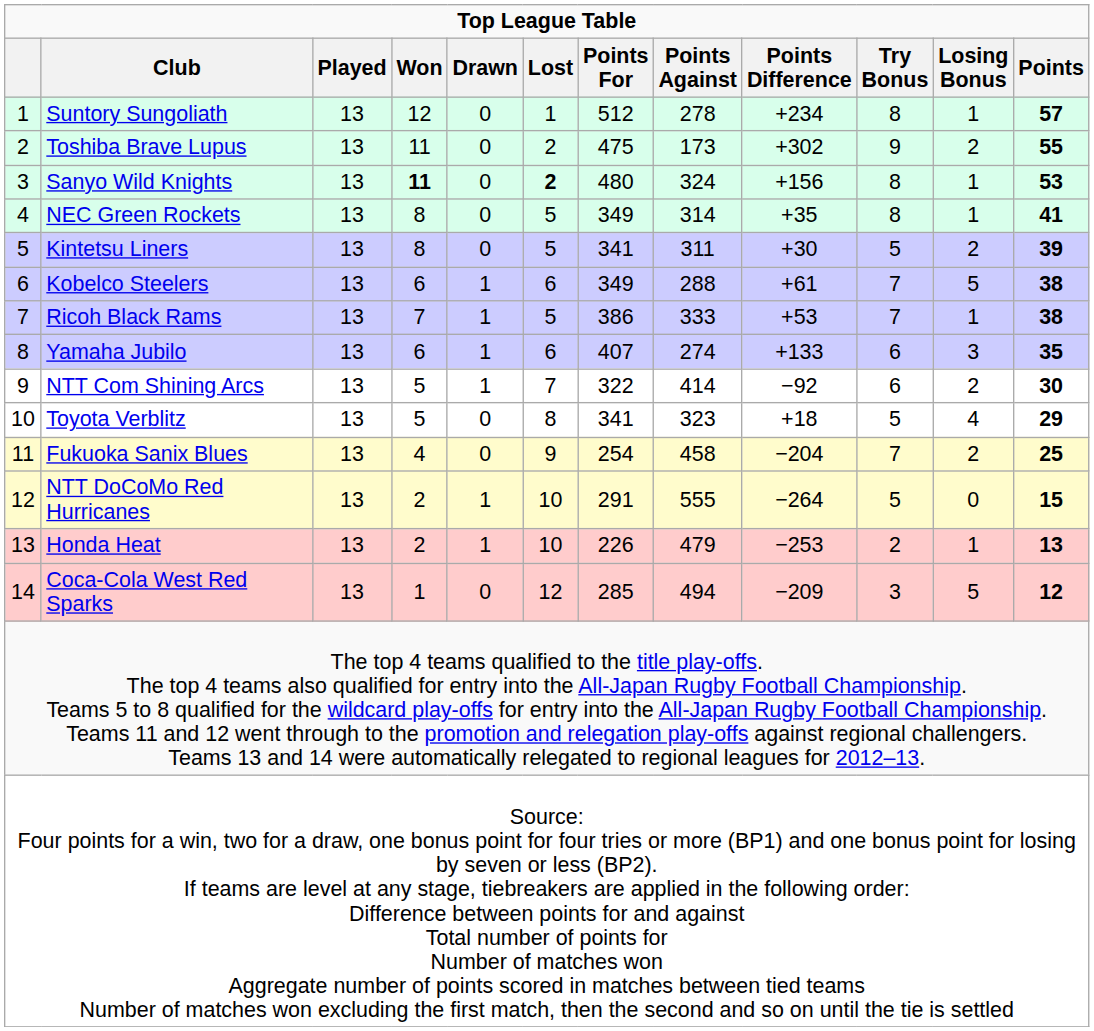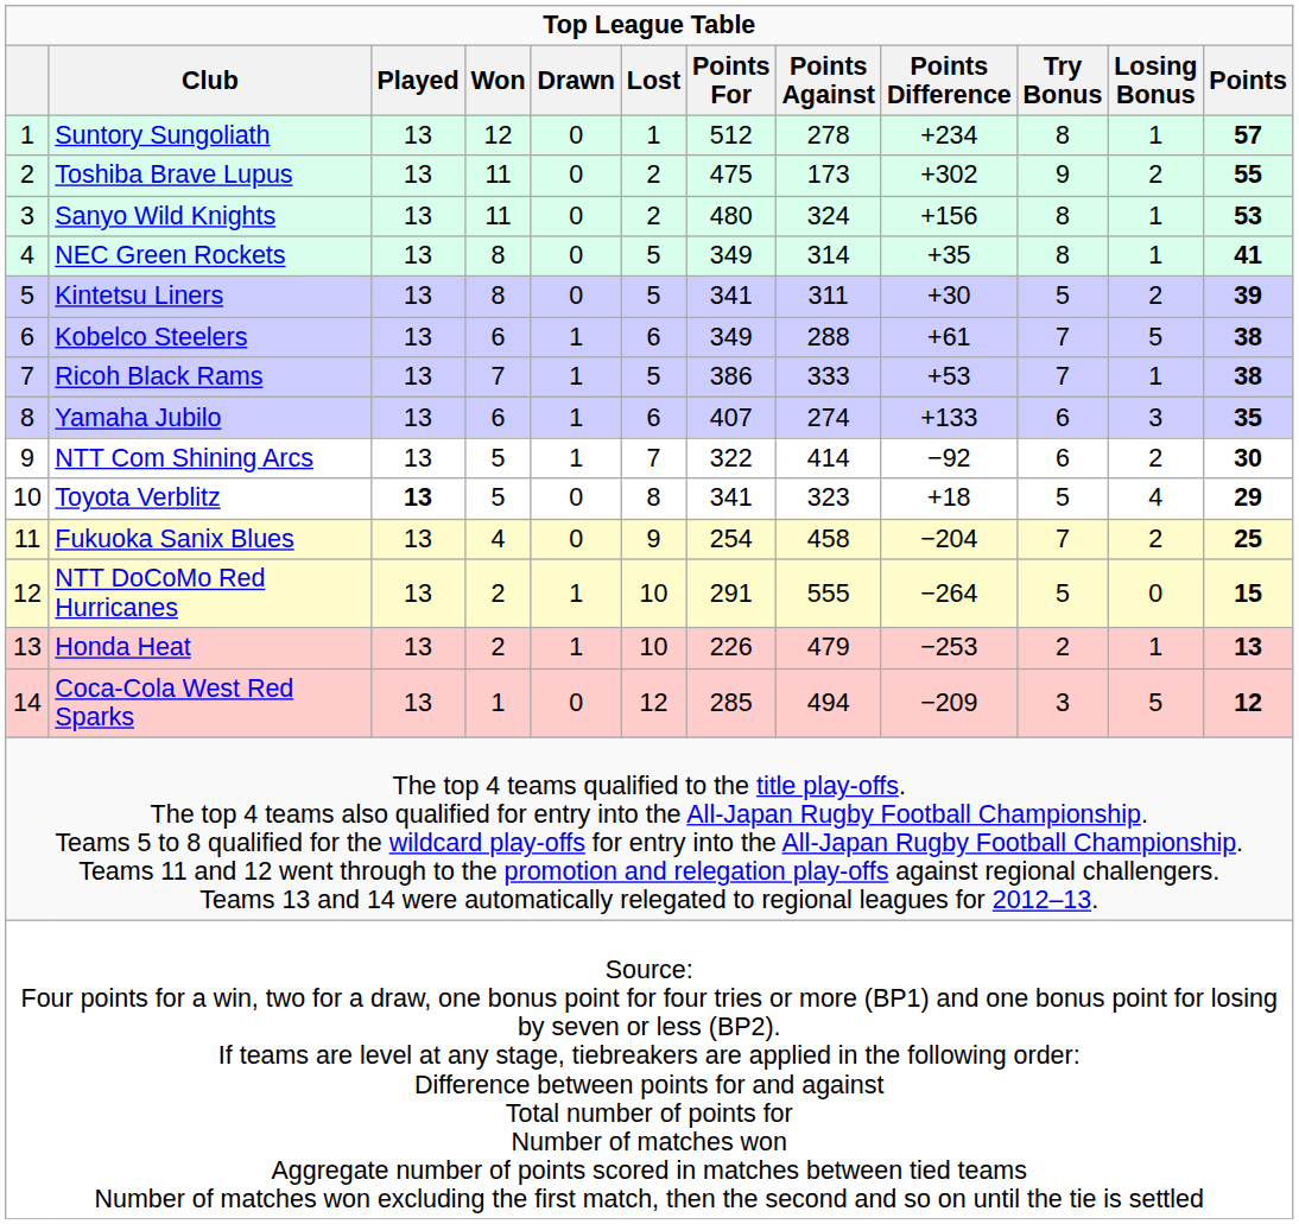 <table class="wikitable" style="text-align: center;">
 <tr>
 <td colspan="15" cellpadding="0" cellspacing="0"><strong>Top League Table</strong></td>
 </tr>
 <tr>
 <th bgcolor="#efefef" width="20"></th>
 <th bgcolor="#efefef" width="195">Club</th>
 <th bgcolor="#efefef" width="20">Played</th>
 <th bgcolor="#efefef" width="20">Won</th>
 <th bgcolor="#efefef" width="20">Drawn</th>
 <th bgcolor="#efefef" width="20">Lost</th>
 <th bgcolor="#efefef" width="20">Points For</th>
 <th bgcolor="#efefef" width="20">Points Against</th>
 <th bgcolor="#efefef" width="20">Points Difference</th>
 <th bgcolor="#efefef" width="20">Try Bonus</th>
 <th bgcolor="#efefef" width="20">Losing Bonus</th>
 <th bgcolor="#efefef" width="20">Points</th>
 </tr>
 <tr bgcolor=#d8ffeb align=center>
 <td>1</td>
 <td style="text-align:left;"><a href='#'>Suntory Sungoliath</a></td>
 <td>13</td>
 <td>12</td>
 <td>0</td>
 <td>1</td>
 <td>512</td>
 <td>278</td>
 <td>+234</td>
 <td>8</td>
 <td>1</td>
 <td><strong>57</strong></td>
 </tr>
 <tr bgcolor=#d8ffeb align=center>
 <td>2</td>
 <td style="text-align:left;"><a href='#'>Toshiba Brave Lupus</a></td>
 <td>13</td>
 <td>11</td>
 <td>0</td>
 <td>2</td>
 <td>475</td>
 <td>173</td>
 <td>+302</td>
 <td>9</td>
 <td>2</td>
 <td><strong>55</strong></td>
 </tr>
 <tr bgcolor=#d8ffeb align=center>
 <td>3</td>
 <td style="text-align:left;"><a href='#'>Sanyo Wild Knights</a></td>
 <td>13</td>
-<td><strong>11</strong></td>
+<td>11</td>
 <td>0</td>
-<td><strong>2</strong></td>
+<td>2</td>
 <td>480</td>
 <td>324</td>
 <td>+156</td>
 <td>8</td>
 <td>1</td>
 <td><strong>53</strong></td>
 </tr>
 <tr bgcolor=#d8ffeb align=center>
 <td>4</td>
 <td style="text-align:left;"><a href='#'>NEC Green Rockets</a></td>
 <td>13</td>
 <td>8</td>
 <td>0</td>
 <td>5</td>
 <td>349</td>
 <td>314</td>
 <td>+35</td>
 <td>8</td>
 <td>1</td>
 <td><strong>41</strong></td>
 </tr>
 <tr bgcolor=#ccccff align=center>
 <td>5</td>
 <td style="text-align:left;"><a href='#'>Kintetsu Liners</a></td>
 <td>13</td>
 <td>8</td>
 <td>0</td>
 <td>5</td>
 <td>341</td>
 <td>311</td>
 <td>+30</td>
 <td>5</td>
 <td>2</td>
 <td><strong>39</strong></td>
 </tr>
 <tr bgcolor=#ccccff align=center>
 <td>6</td>
 <td style="text-align:left;"><a href='#'>Kobelco Steelers</a></td>
 <td>13</td>
 <td>6</td>
 <td>1</td>
 <td>6</td>
 <td>349</td>
 <td>288</td>
 <td>+61</td>
 <td>7</td>
 <td>5</td>
 <td><strong>38</strong></td>
 </tr>
 <tr bgcolor=#ccccff align=center>
 <td>7</td>
 <td style="text-align:left;"><a href='#'>Ricoh Black Rams</a></td>
 <td>13</td>
 <td>7</td>
 <td>1</td>
 <td>5</td>
 <td>386</td>
 <td>333</td>
 <td>+53</td>
 <td>7</td>
 <td>1</td>
 <td><strong>38</strong></td>
 </tr>
 <tr bgcolor=#ccccff align=center>
 <td>8</td>
 <td style="text-align:left;"><a href='#'>Yamaha Jubilo</a></td>
 <td>13</td>
 <td>6</td>
 <td>1</td>
 <td>6</td>
 <td>407</td>
 <td>274</td>
 <td>+133</td>
 <td>6</td>
 <td>3</td>
 <td><strong>35</strong></td>
 </tr>
 <tr bgcolor=#ffffff align=center>
 <td>9</td>
 <td style="text-align:left;"><a href='#'>NTT Com Shining Arcs</a></td>
 <td>13</td>
 <td>5</td>
 <td>1</td>
 <td>7</td>
 <td>322</td>
 <td>414</td>
 <td>−92</td>
 <td>6</td>
 <td>2</td>
 <td><strong>30</strong></td>
 </tr>
 <tr bgcolor=#ffffff align=center>
 <td>10</td>
 <td style="text-align:left;"><a href='#'>Toyota Verblitz</a></td>
-<td>13</td>
+<td><strong>13</strong></td>
 <td>5</td>
 <td>0</td>
 <td>8</td>
 <td>341</td>
 <td>323</td>
 <td>+18</td>
 <td>5</td>
 <td>4</td>
 <td><strong>29</strong></td>
 </tr>
 <tr bgcolor=#fffccc align=center>
 <td>11</td>
 <td style="text-align:left;"><a href='#'>Fukuoka Sanix Blues</a></td>
 <td>13</td>
 <td>4</td>
 <td>0</td>
 <td>9</td>
 <td>254</td>
 <td>458</td>
 <td>−204</td>
 <td>7</td>
 <td>2</td>
 <td><strong>25</strong></td>
 </tr>
 <tr bgcolor=#fffccc align=center>
 <td>12</td>
 <td style="text-align:left;"><a href='#'>NTT DoCoMo Red Hurricanes</a></td>
 <td>13</td>
 <td>2</td>
 <td>1</td>
 <td>10</td>
 <td>291</td>
 <td>555</td>
 <td>−264</td>
 <td>5</td>
 <td>0</td>
 <td><strong>15</strong></td>
 </tr>
 <tr bgcolor=#ffcccc  align=center>
 <td>13</td>
 <td style="text-align:left;"><a href='#'>Honda Heat</a></td>
 <td>13</td>
 <td>2</td>
 <td>1</td>
 <td>10</td>
 <td>226</td>
 <td>479</td>
 <td>−253</td>
 <td>2</td>
 <td>1</td>
 <td><strong>13</strong></td>
 </tr>
 <tr bgcolor=#ffcccc  align=center>
 <td>14</td>
 <td style="text-align:left;"><a href='#'>Coca-Cola West Red Sparks</a></td>
 <td>13</td>
 <td>1</td>
 <td>0</td>
 <td>12</td>
 <td>285</td>
 <td>494</td>
 <td>−209</td>
 <td>3</td>
 <td>5</td>
 <td><strong>12</strong></td>
 </tr>
 <tr align=center>
 <td colspan="15" style="border:0px"><br> The top 4 teams qualified to the <a href='#'>title play-offs</a>.<br> The top 4 teams also qualified for entry into the <a href='#'>All-Japan Rugby Football Championship</a>.<br>  Teams 5 to 8 qualified for the <a href='#'>wildcard play-offs</a> for entry into the <a href='#'>All-Japan Rugby Football Championship</a>.<br>  Teams 11 and 12 went through to the <a href='#'>promotion and relegation play-offs</a> against regional challengers.<br>  Teams 13 and 14 were automatically relegated to regional leagues for <a href='#'>2012–13</a>.</td>
 </tr>
 <tr bgcolor=#ffffff align=center>
 <td colspan="15"><br>Source:<br>Four points for a win, two for a draw, one bonus point for four tries or more (BP1) and one bonus point for losing by seven or less (BP2).<br> If teams are level at any stage, tiebreakers are applied in the following order:<br>  Difference between points for and against<br>  Total number of points for<br>  Number of matches won<br>  Aggregate number of points scored in matches between tied teams<br>  Number of matches won excluding the first match, then the second and so on until the tie is settled</td>
 </tr>
 <tr |align=left|>
 </tr>
 </table>
